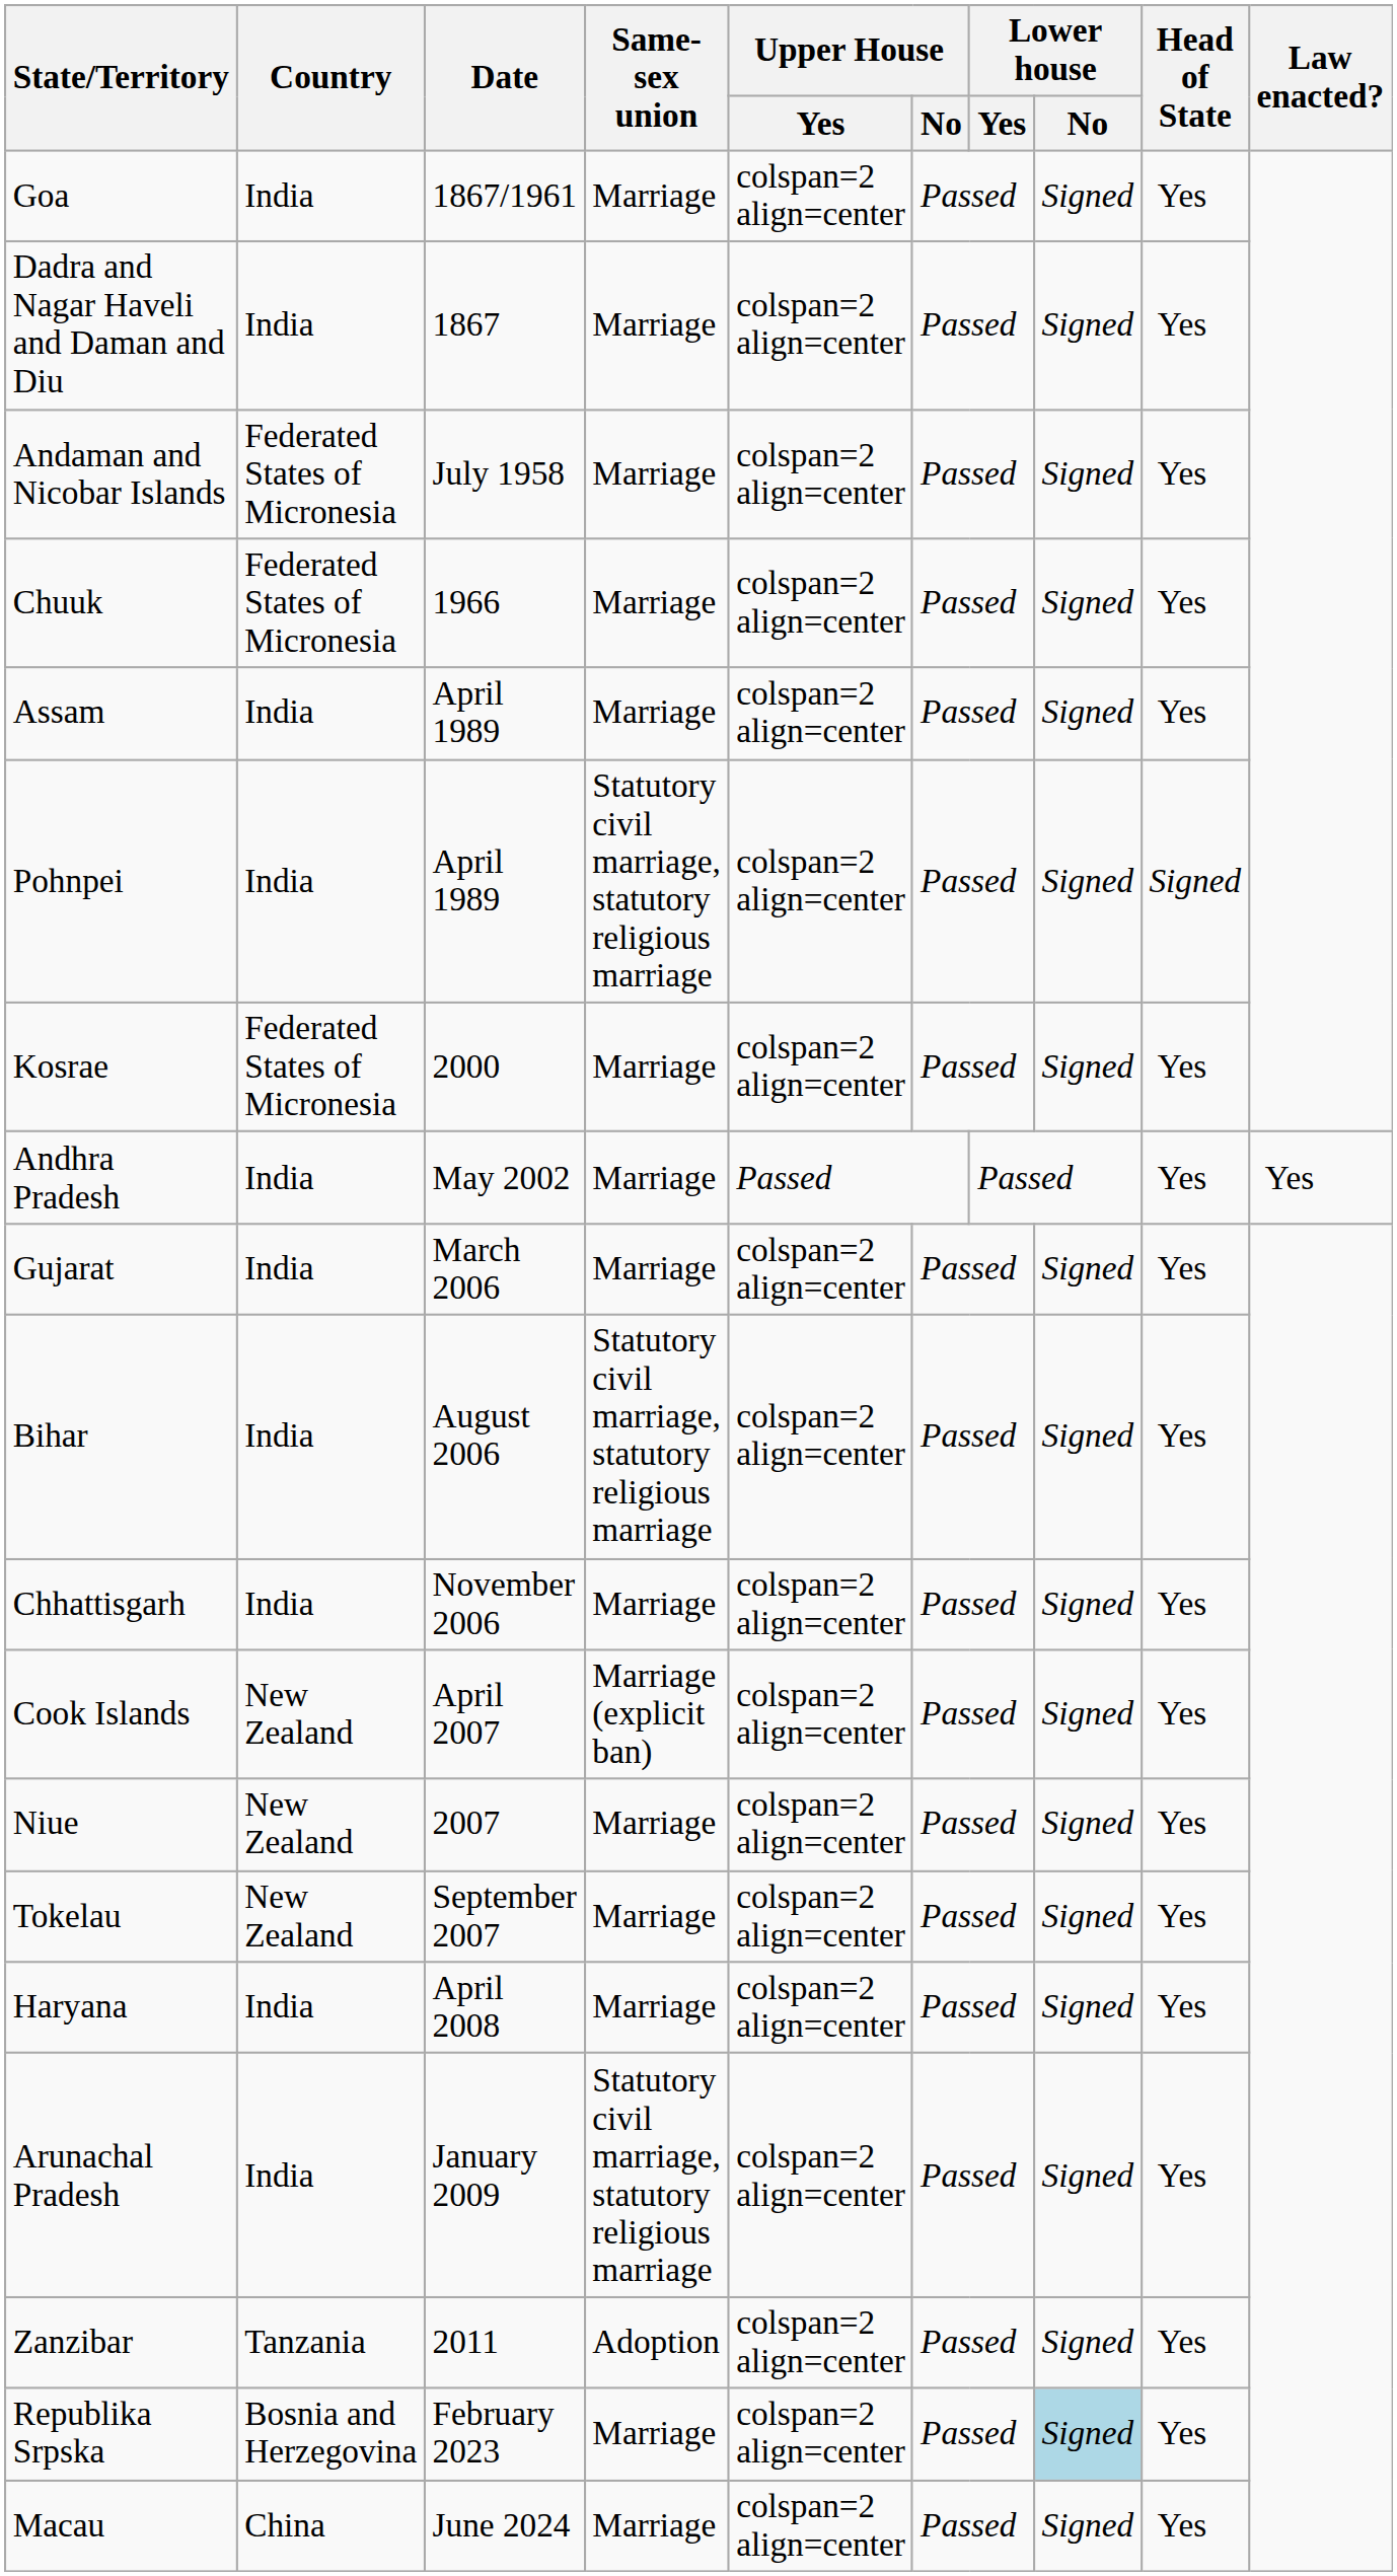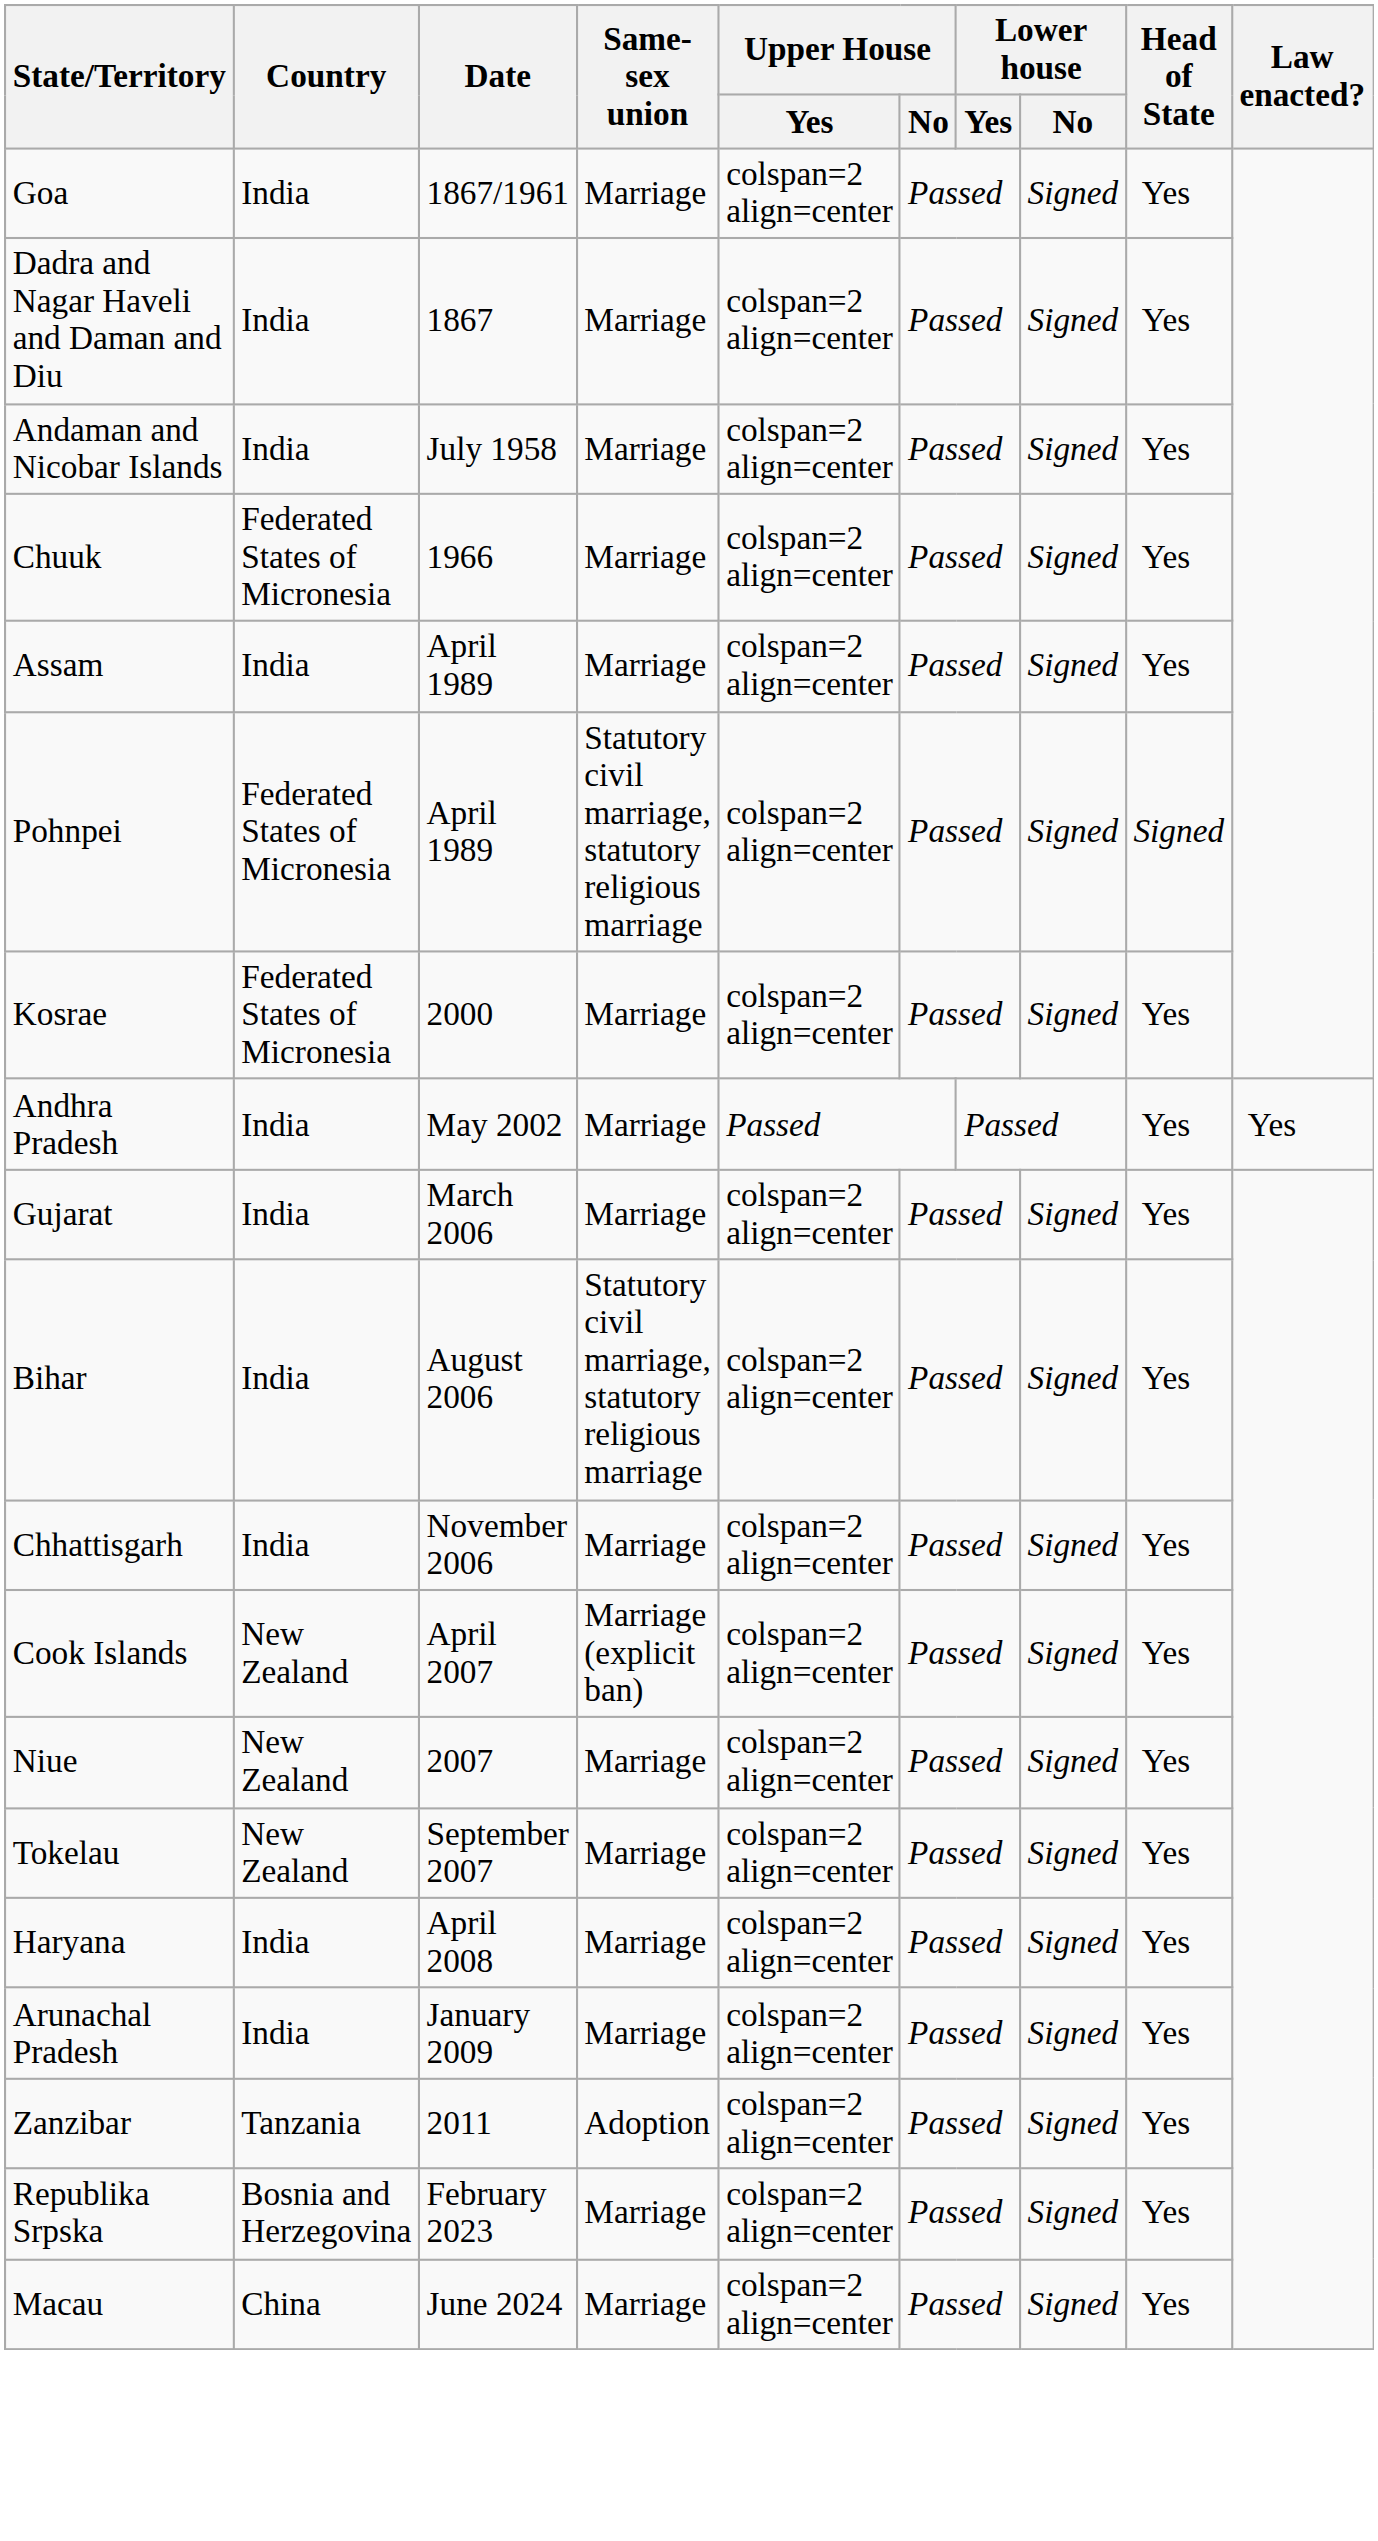 <table class="wikitable sortable" style="width:100%">
 <tr>
 <th rowspan=2>State/Territory</th>
 <th rowspan=2>Country</th>
 <th rowspan=2>Date</th>
 <th rowspan=2>Same-sex union</th>
 <th colspan=2>Upper House</th>
 <th colspan=2>Lower house</th>
 <th rowspan=2>Head of State</th>
 <th rowspan=2>Law<br> enacted?</th>
 </tr>
 <tr>
 <th>Yes</th>
 <th>No</th>
 <th>Yes</th>
 <th>No</th>
 </tr>
 <tr>
 <td> Goa</td>
 <td><span></span> India</td>
 <td>1867/1961</td>
 <td>Marriage </td>
 <td>colspan=2 align=center </td>
 <td colspan=2><em>Passed</em></td>
 <td><em>Signed</em></td>
 <td> Yes</td>
 </tr>
 <tr>
 <td> Dadra and Nagar Haveli and Daman and Diu</td>
 <td><span></span> India</td>
 <td>1867</td>
 <td>Marriage </td>
 <td>colspan=2 align=center </td>
 <td colspan=2><em>Passed</em></td>
 <td><em>Signed</em></td>
 <td> Yes</td>
 </tr>
 <tr>
 <td> Andaman and Nicobar Islands</td>
-<td><span></span> Federated States of Micronesia</td>
+<td><span></span> India</td>
 <td>July 1958</td>
 <td>Marriage </td>
 <td>colspan=2 align=center </td>
 <td colspan=2><em>Passed</em></td>
 <td><em>Signed</em></td>
 <td> Yes</td>
 </tr>
 <tr>
 <td> Chuuk</td>
 <td><span></span> Federated States of Micronesia</td>
 <td>1966</td>
 <td>Marriage </td>
 <td>colspan=2 align=center </td>
 <td colspan=2><em>Passed</em></td>
 <td><em>Signed</em></td>
 <td> Yes</td>
 </tr>
 <tr>
 <td> Assam</td>
 <td><span></span> India</td>
 <td>April 1989</td>
 <td>Marriage </td>
 <td>colspan=2 align=center </td>
 <td colspan=2><em>Passed</em></td>
 <td><em>Signed</em></td>
 <td> Yes</td>
 </tr>
 <tr>
 <td> Pohnpei</td>
-<td><span></span> India</td>
+<td><span></span> Federated States of Micronesia</td>
 <td>April 1989</td>
 <td>Statutory civil marriage, statutory religious marriage</td>
 <td>colspan=2 align=center </td>
 <td colspan=2><em>Passed</em></td>
 <td><em>Signed</em></td>
 <td><em>Signed</em></td>
 </tr>
 <tr>
 <td> Kosrae</td>
 <td><span></span> Federated States of Micronesia</td>
 <td>2000</td>
 <td>Marriage </td>
 <td>colspan=2 align=center </td>
 <td colspan=2><em>Passed</em></td>
 <td><em>Signed</em></td>
 <td> Yes</td>
 </tr>
 <tr>
 <td> Andhra Pradesh</td>
 <td><span></span> India</td>
 <td>May 2002</td>
 <td>Marriage </td>
 <td colspan=2><em>Passed</em></td>
 <td colspan=2><em>Passed</em></td>
 <td> Yes</td>
 <td> Yes</td>
 </tr>
 <tr>
 <td> Gujarat</td>
 <td><span></span> India</td>
 <td>March 2006</td>
 <td>Marriage </td>
 <td>colspan=2 align=center </td>
 <td colspan=2><em>Passed</em></td>
 <td><em>Signed</em></td>
 <td> Yes</td>
 </tr>
 <tr>
 <td> Bihar</td>
 <td><span></span> India</td>
 <td>August 2006</td>
 <td>Statutory civil marriage, statutory religious marriage</td>
 <td>colspan=2 align=center </td>
 <td colspan=2><em>Passed</em></td>
 <td><em>Signed</em></td>
 <td> Yes</td>
 </tr>
 <tr>
 <td> Chhattisgarh</td>
 <td><span></span> India</td>
 <td>November 2006</td>
 <td>Marriage </td>
 <td>colspan=2 align=center </td>
 <td colspan=2><em>Passed</em></td>
 <td><em>Signed</em></td>
 <td> Yes</td>
 </tr>
 <tr>
 <td> Cook Islands</td>
 <td><span></span> New Zealand</td>
 <td>April 2007</td>
 <td>Marriage (explicit ban) </td>
 <td>colspan=2 align=center </td>
 <td colspan=2><em>Passed</em></td>
 <td><em>Signed</em></td>
 <td> Yes</td>
 </tr>
 <tr>
 <td> Niue</td>
 <td><span></span> New Zealand</td>
 <td>2007</td>
 <td>Marriage  </td>
 <td>colspan=2 align=center </td>
 <td colspan=2><em>Passed</em></td>
 <td><em>Signed</em></td>
 <td> Yes</td>
 </tr>
 <tr>
 <td> Tokelau</td>
 <td><span></span> New Zealand</td>
 <td>September 2007</td>
 <td>Marriage  </td>
 <td>colspan=2 align=center </td>
 <td colspan=2><em>Passed</em></td>
 <td><em>Signed</em></td>
 <td> Yes</td>
 </tr>
 <tr>
 <td> Haryana</td>
 <td><span></span> India</td>
 <td>April 2008</td>
 <td>Marriage </td>
 <td>colspan=2 align=center </td>
 <td colspan=2><em>Passed</em></td>
 <td><em>Signed</em></td>
 <td> Yes</td>
 </tr>
 <tr>
 <td> Arunachal Pradesh</td>
 <td><span></span> India</td>
 <td>January 2009</td>
-<td>Statutory civil marriage, statutory religious marriage</td>
+<td>Marriage </td>
 <td>colspan=2 align=center </td>
 <td colspan=2><em>Passed</em></td>
 <td><em>Signed</em></td>
 <td> Yes</td>
 </tr>
 <tr>
 <td> Zanzibar</td>
 <td><span></span> Tanzania</td>
 <td>2011</td>
 <td>Adoption </td>
 <td>colspan=2 align=center </td>
 <td colspan=2><em>Passed</em></td>
 <td><em>Signed</em></td>
 <td> Yes</td>
 </tr>
 <tr>
 <td> Republika Srpska</td>
 <td><span></span>  Bosnia and Herzegovina</td>
 <td>February 2023</td>
 <td>Marriage </td>
 <td>colspan=2 align=center </td>
 <td colspan=2><em>Passed</em></td>
-<td style="background: lightblue;"><em>Signed</em></td>
+<td><em>Signed</em></td>
 <td> Yes</td>
 </tr>
 <tr>
 <td> Macau</td>
 <td><span></span> China</td>
 <td>June 2024</td>
 <td>Marriage </td>
 <td>colspan=2 align=center </td>
 <td colspan=2><em>Passed</em></td>
 <td><em>Signed</em></td>
 <td> Yes</td>
 </tr>
 </table>
